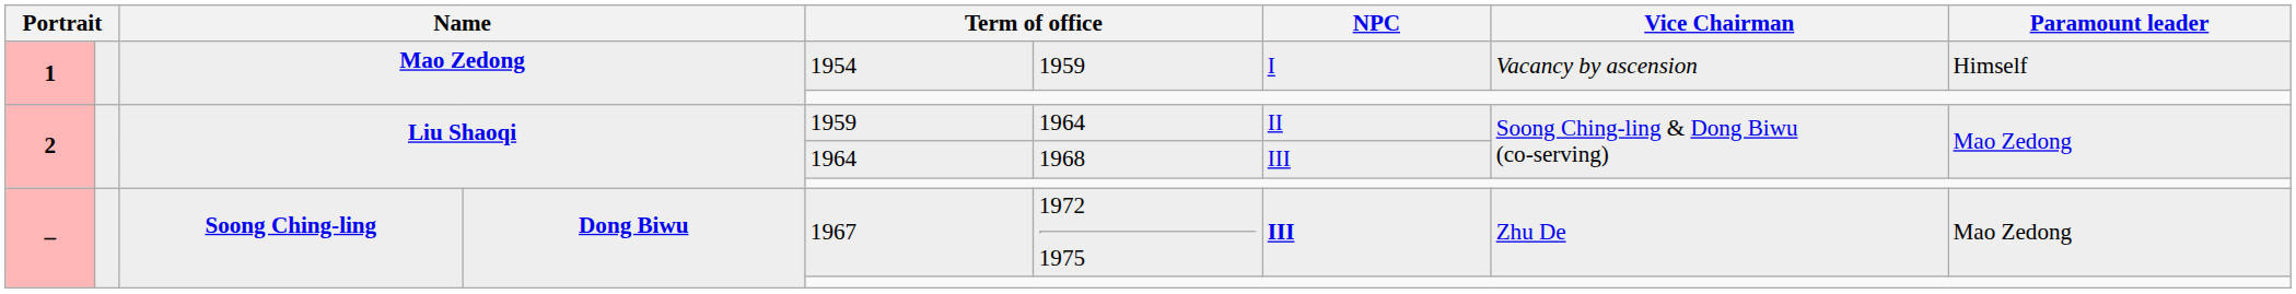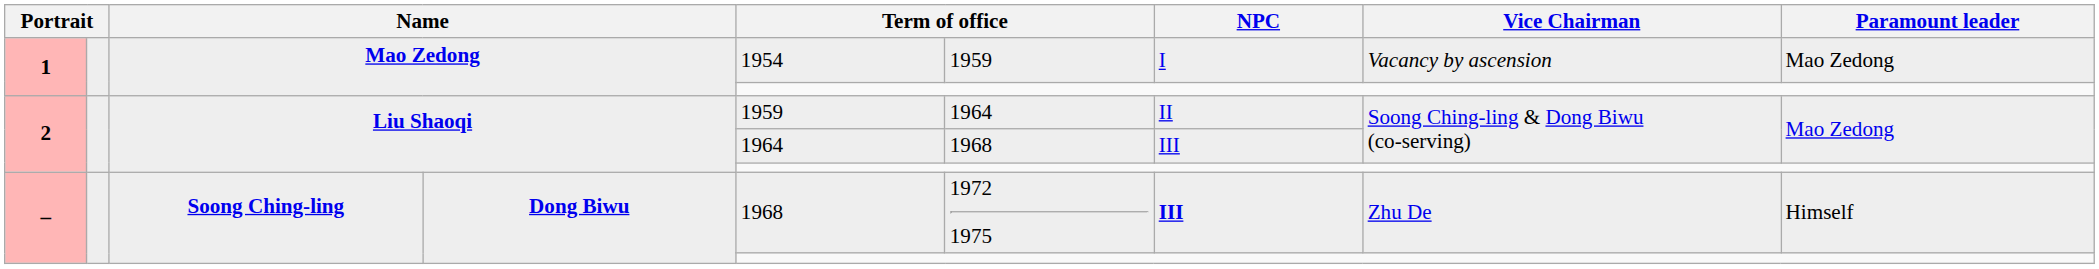 <table class="wikitable" width=100%>
 <tr>
 <th colspan="2" width=5%>Portrait</th>
 <th width=25% colspan="2">Name<br></th>
 <th colspan="2" width=30%>Term of office</th>
 <th width=10%><a href='#'>NPC</a></th>
 <th width=20%><a href='#'>Vice Chairman</a></th>
 <th width=20%><a href='#'>Paramount leader</a></th>
 </tr>
 <tr bgcolor=#EEEEEE>
 <th rowspan="2" style="background-color: #FFB6B6" width=20>1</th>
 <td rowspan="2"></td>
 <td rowspan="2" colspan="2" align="center"><strong><a href='#'>Mao Zedong</a></strong><br><br></td>
 <td width=10%> 1954</td>
 <td width=10%> 1959</td>
 <td><a href='#'>I</a></td>
 <td><em>Vacancy by ascension</em></td>
-<td>Himself</td>
+<td>Mao Zedong</td>
 </tr>
 <tr>
 <td colspan="5"></td>
 </tr>
 <tr bgcolor=#EEEEEE>
 <th rowspan="3" style="background-color: #FFB6B6">2</th>
 <td rowspan="3"></td>
 <td rowspan="3" colspan="2" align="center"><strong><a href='#'>Liu Shaoqi</a></strong><br><br></td>
 <td width=10%> 1959</td>
 <td width=10%> 1964</td>
 <td><a href='#'>II</a></td>
 <td rowspan="2"><a href='#'>Soong Ching-ling</a> & <a href='#'>Dong Biwu</a><br>(co-serving)</td>
 <td rowspan="2"><a href='#'>Mao Zedong</a></td>
 </tr>
 <tr bgcolor=#EEEEEE>
 <td width=10%> 1964</td>
 <td width=10%> 1968</td>
 <td><a href='#'>III</a></td>
 </tr>
 <tr>
 <td colspan="5"></td>
 </tr>
 <tr bgcolor=#EEEEEE>
 <th rowspan="2" style="background-color: #FFB6B6">–</th>
 <td rowspan="2"></td>
 <td rowspan="2" align="center" width=15%><strong><a href='#'>Soong Ching-ling</a></strong><br><br></td>
 <td rowspan="2" align="center" width=15%><strong><a href='#'>Dong Biwu</a></strong><br><br></td>
-<td width=10%> 1967</td>
+<td width=10%> 1968</td>
 <td width=10%> 1972 <br><hr>  1975 </td>
 <td><strong><a href='#'>III</a></strong></td>
 <td><a href='#'>Zhu De</a></td>
-<td>Mao Zedong</td>
+<td>Himself</td>
 </tr>
 <tr>
 <td colspan="5"></td>
 </tr>
 </table>
